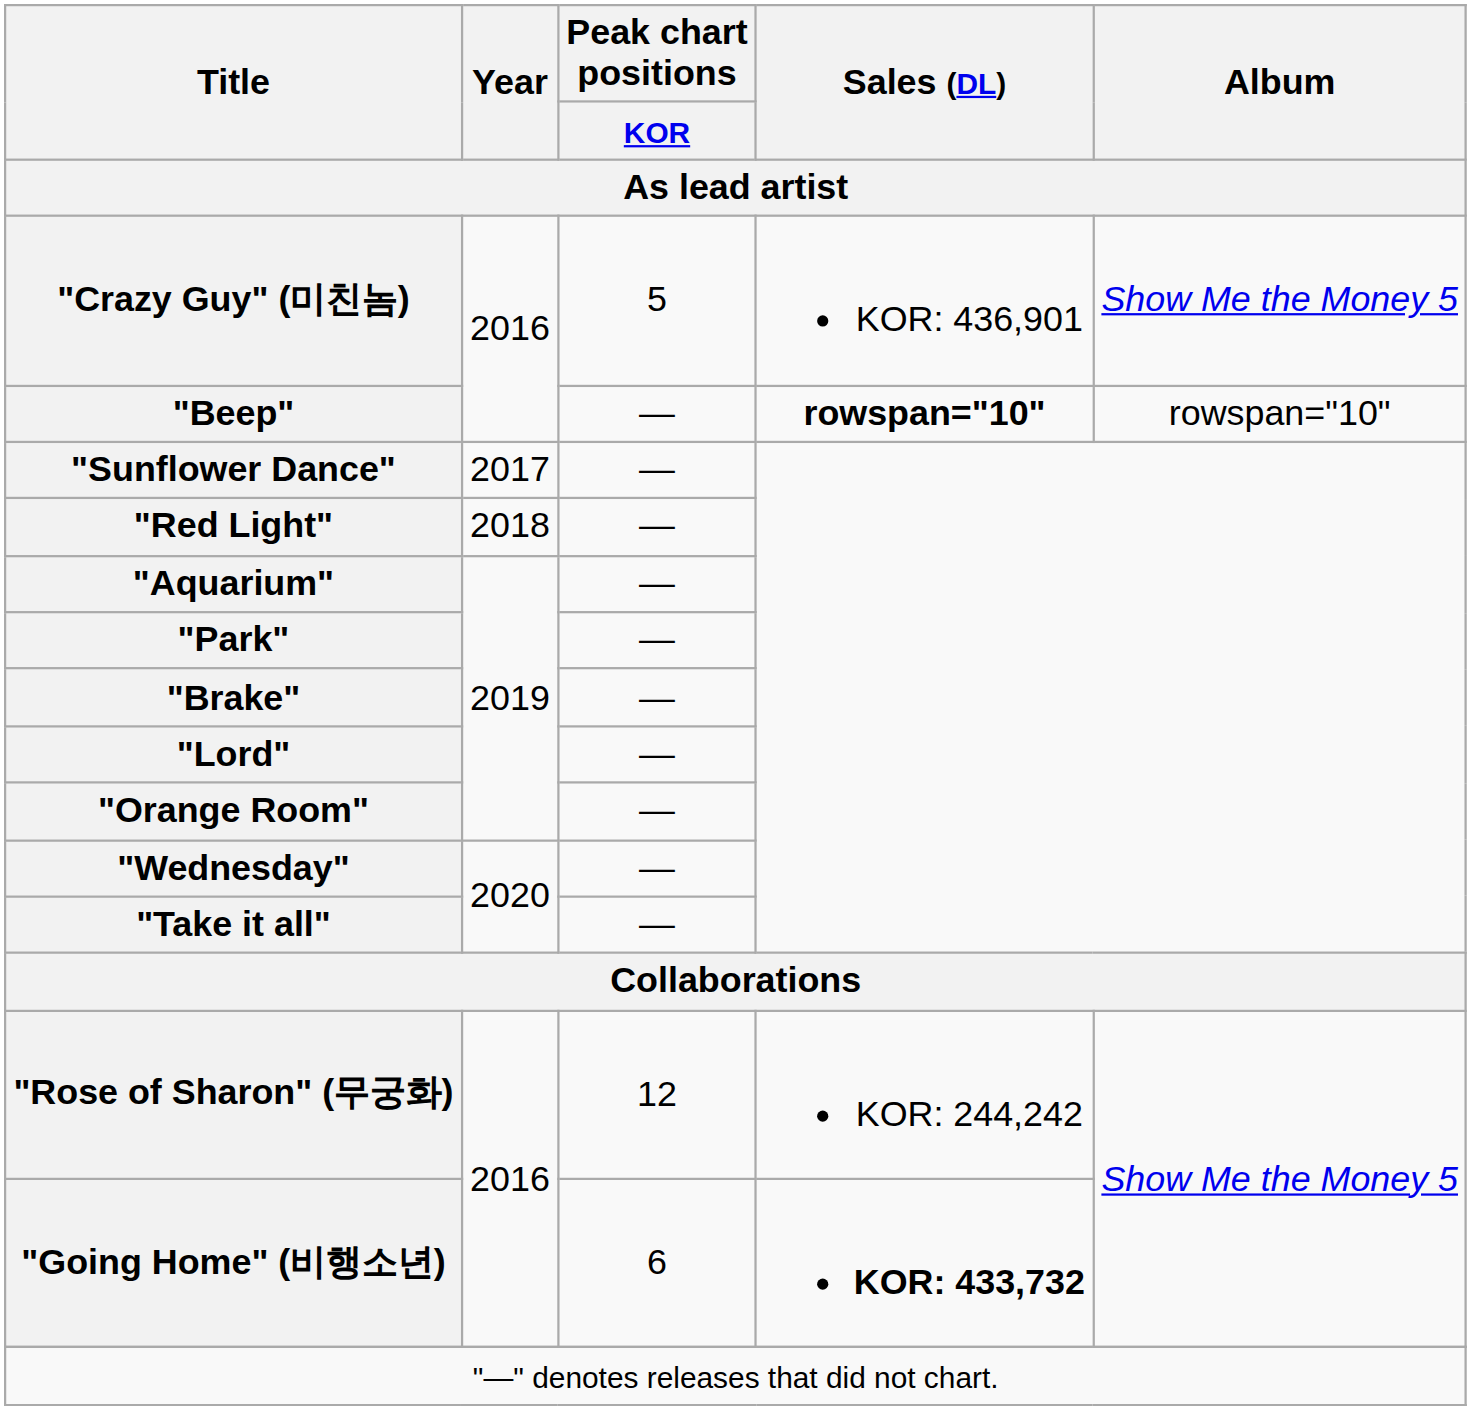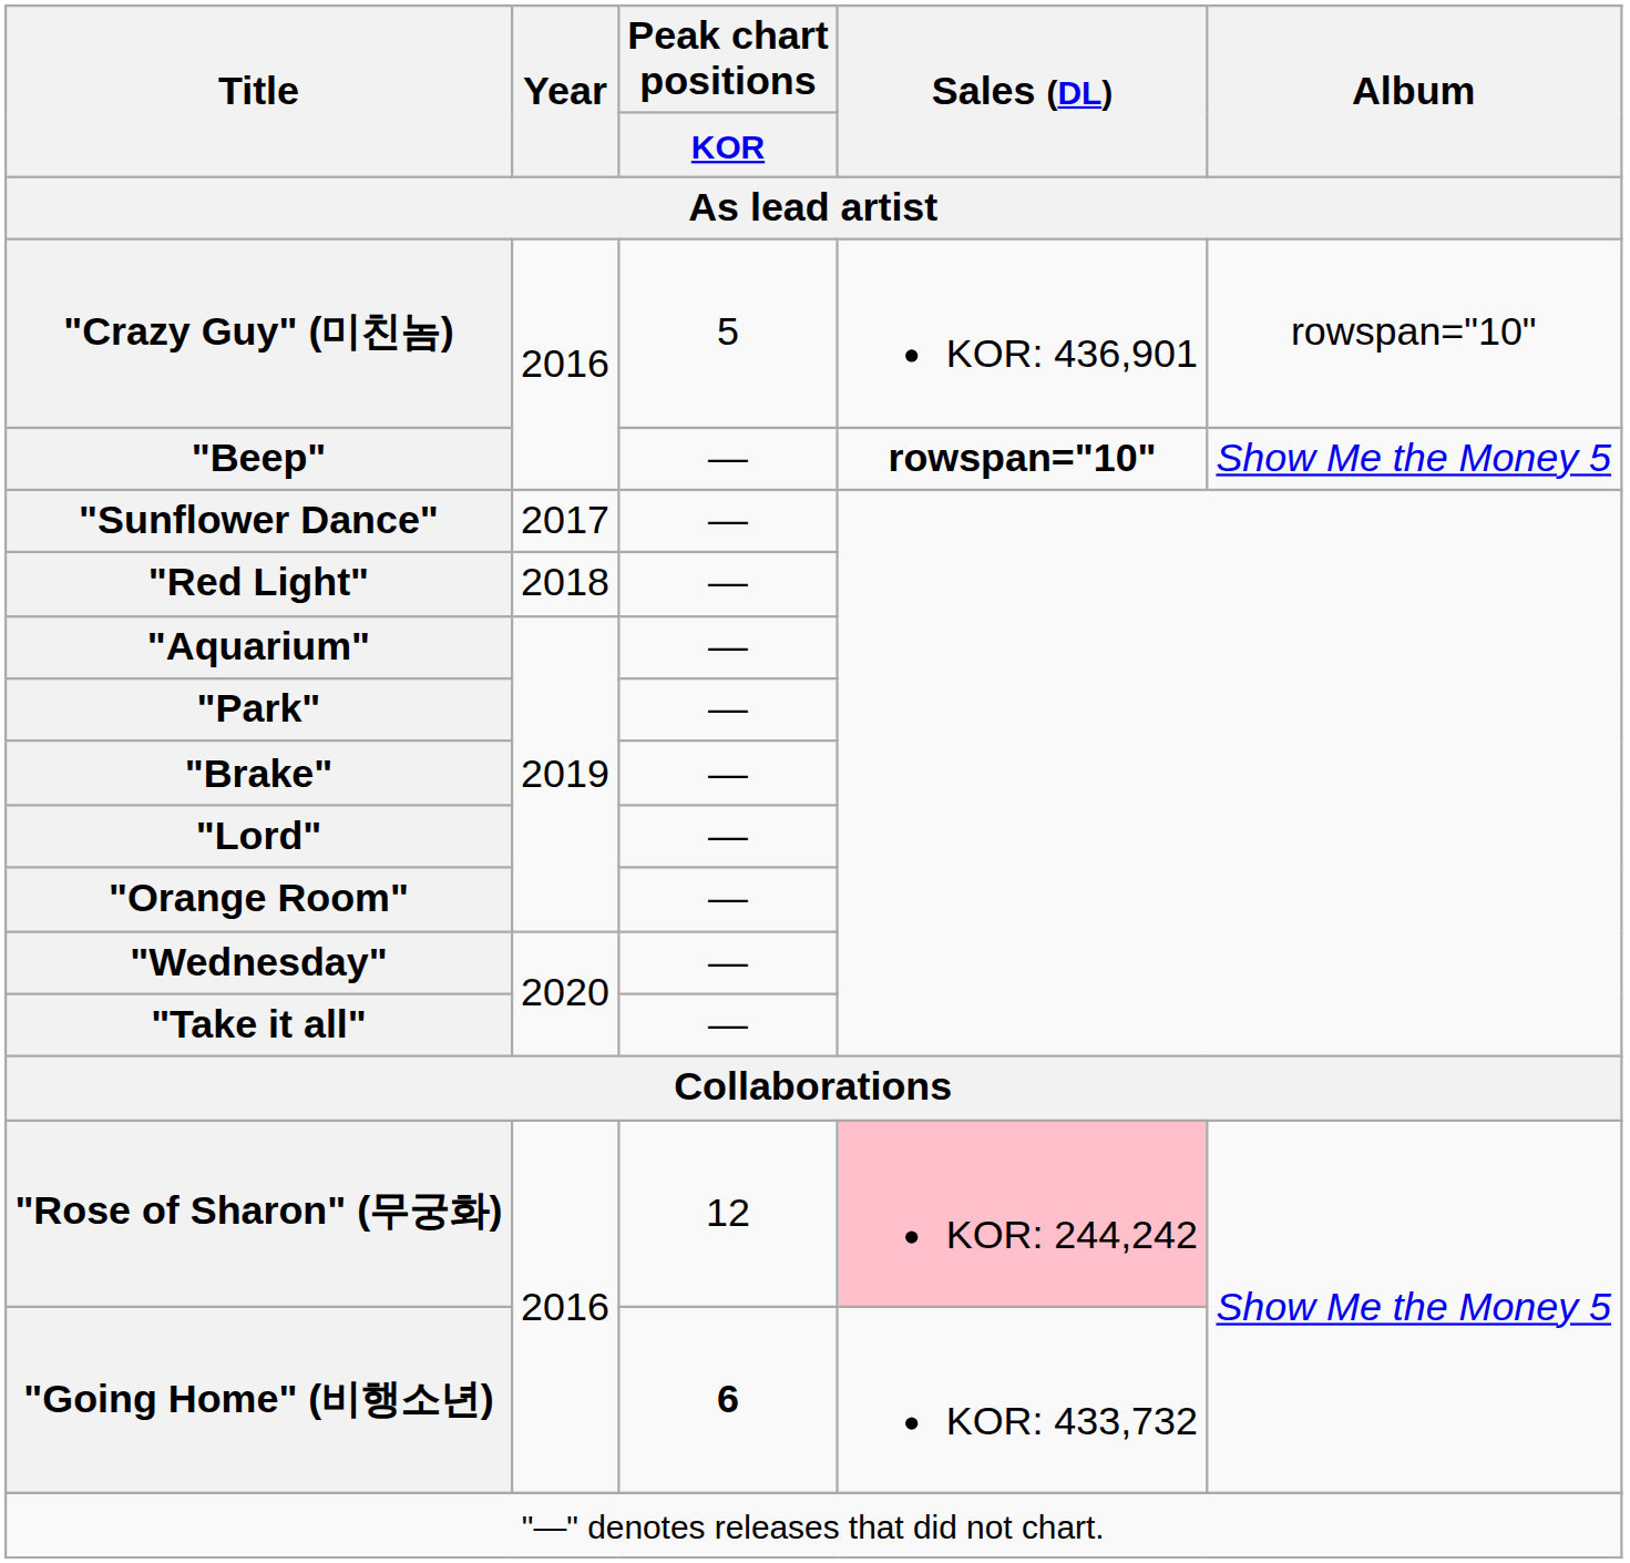 <table class="wikitable plainrowheaders" style="text-align:center;">
 <tr>
 <th scope="col" rowspan="2">Title</th>
 <th scope="col" rowspan="2">Year</th>
 <th scope="col" colspan="1">Peak chart <br> positions</th>
 <th scope="col" rowspan="2">Sales <small>(<a href='#'>DL</a>)</small></th>
 <th scope="col" rowspan="2">Album</th>
 </tr>
 <tr>
 <th><small><a href='#'>KOR</a></small><br></th>
 </tr>
 <tr>
 <th scope="col" colspan="5">As lead artist</th>
 </tr>
 <tr>
 <th scope="row">"Crazy Guy" (미친놈)<br></th>
 <td rowspan="2">2016</td>
 <td>5</td>
 <td><br><ul><li>KOR: 436,901</li></ul></td>
-<td><em><a href='#'>Show Me the Money 5</a></em></td>
+<td>rowspan="10" </td>
 </tr>
 <tr>
 <th scope="row">"Beep"<br></th>
 <td>—</td>
 <td><strong>rowspan="10" </strong></td>
-<td>rowspan="10" </td>
+<td><em><a href='#'>Show Me the Money 5</a></em></td>
 </tr>
 <tr>
 <th scope="row">"Sunflower Dance"<br></th>
 <td>2017</td>
 <td>—</td>
 </tr>
 <tr>
 <th scope="row">"Red Light"<br></th>
 <td>2018</td>
 <td>—</td>
 </tr>
 <tr>
 <th scope="row">"Aquarium"</th>
 <td rowspan="5">2019</td>
 <td>—</td>
 </tr>
 <tr>
 <th scope="row">"Park"</th>
 <td>—</td>
 </tr>
 <tr>
 <th scope="row">"Brake"</th>
 <td>—</td>
 </tr>
 <tr>
 <th scope="row">"Lord"</th>
 <td>—</td>
 </tr>
 <tr>
 <th scope="row">"Orange Room"</th>
 <td>—</td>
 </tr>
 <tr>
 <th scope="row">"Wednesday"</th>
 <td rowspan="2">2020</td>
 <td>—</td>
 </tr>
 <tr>
 <th scope="row">"Take it all"<br></th>
 <td>—</td>
 </tr>
 <tr>
 <th scope="col" colspan="5">Collaborations</th>
 </tr>
 <tr>
 <th scope="row">"Rose of Sharon" (무궁화)<br></th>
 <td rowspan="2">2016</td>
 <td>12</td>
-<td><br><ul><li>KOR: 244,242</li></ul></td>
+<td style="background: pink;"><br><ul><li>KOR: 244,242</li></ul></td>
 <td rowspan="2"><em><a href='#'>Show Me the Money 5</a></em></td>
 </tr>
 <tr>
 <th scope="row">"Going Home" (비행소년)<br></th>
-<td>6</td>
-<td><strong><br><ul><li>KOR: 433,732</li></ul></strong></td>
+<td><strong>6</strong></td>
+<td><br><ul><li>KOR: 433,732</li></ul></td>
 </tr>
 <tr>
 </tr>
 <tr>
 <td colspan="5" align="center"><small>"—" denotes releases that did not chart.</small></td>
 </tr>
 </table>
